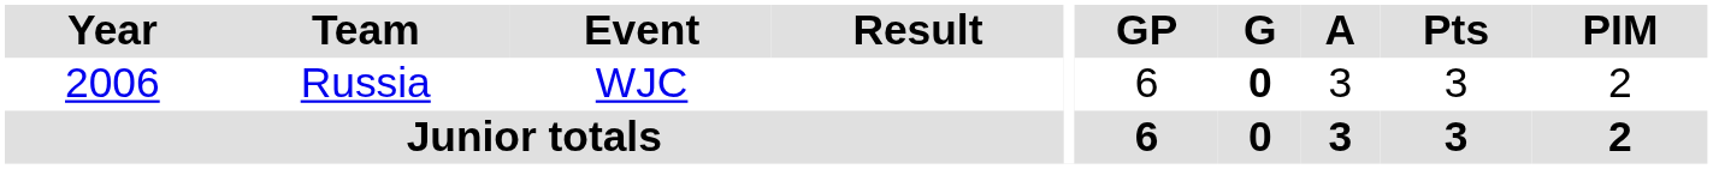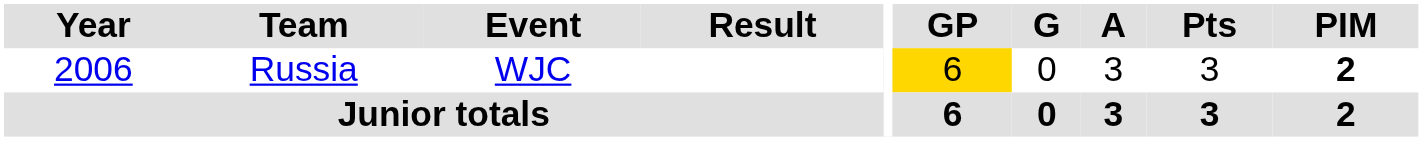 <table border="0" cellpadding="1" cellspacing="0" ID="Table3" style="text-align:center; width:40em">
 <tr align="center" bgcolor="#e0e0e0">
 <th>Year</th>
 <th>Team</th>
 <th>Event</th>
 <th>Result</th>
 <th rowspan="99" bgcolor="#ffffff"></th>
 <th>GP</th>
 <th>G</th>
 <th>A</th>
 <th>Pts</th>
 <th>PIM</th>
 </tr>
 <tr>
 <td><a href='#'>2006</a></td>
 <td><a href='#'>Russia</a></td>
 <td><a href='#'>WJC</a></td>
 <td></td>
-<td>6</td>
-<td><strong>0</strong></td>
+<td style="background: gold;">6</td>
+<td>0</td>
 <td>3</td>
 <td>3</td>
-<td>2</td>
+<td><strong>2</strong></td>
 </tr>
 <tr bgcolor="#e0e0e0">
 <th colspan=4>Junior totals</th>
 <th>6</th>
 <th>0</th>
 <th>3</th>
 <th>3</th>
 <th>2</th>
 </tr>
 </table>
